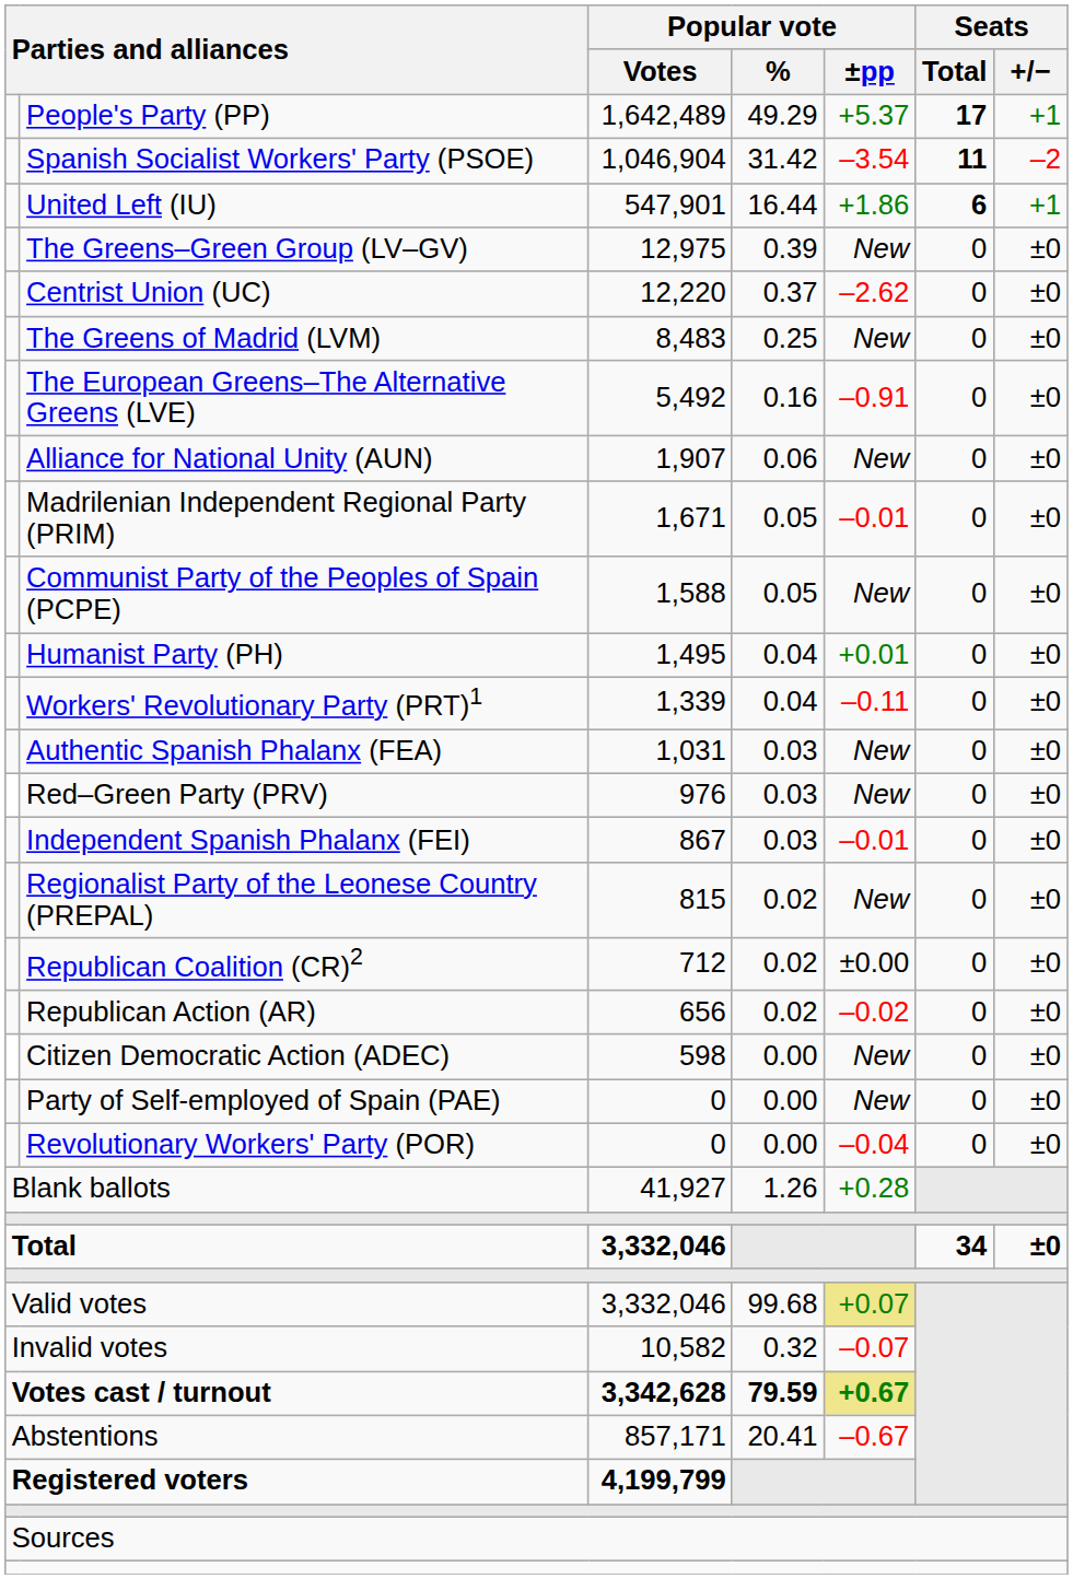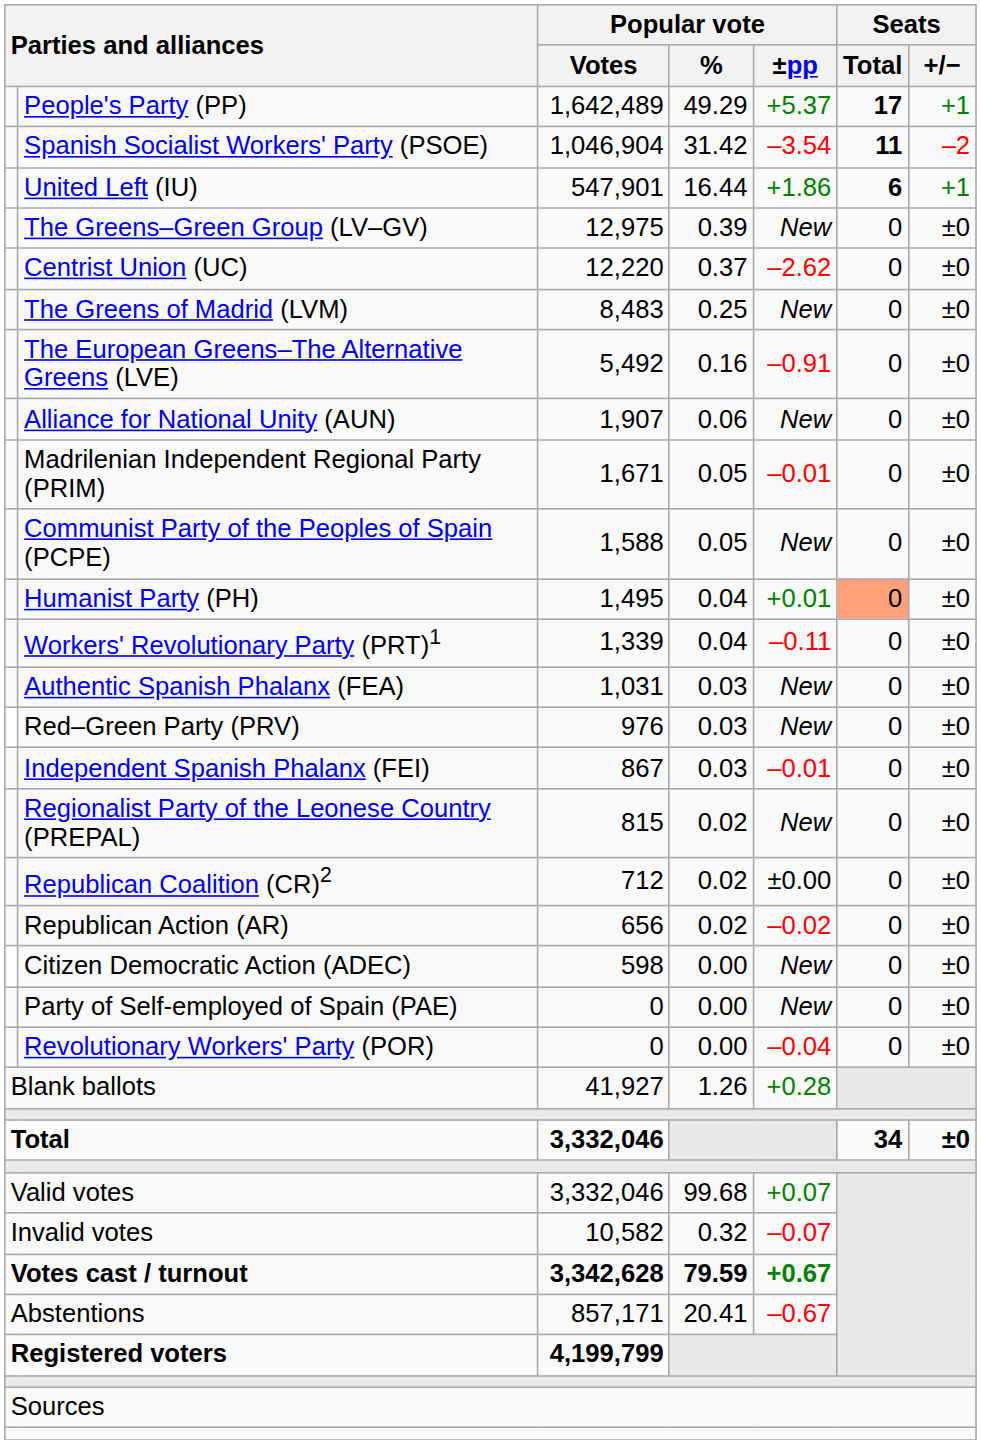 <table class="wikitable" style="text-align:right;">
 <tr>
 <th style="text-align:left;" rowspan="2" colspan="2" width="525">Parties and alliances</th>
 <th colspan="3">Popular vote</th>
 <th colspan="2">Seats</th>
 </tr>
 <tr>
 <th width="75">Votes</th>
 <th width="45">%</th>
 <th width="45">±<a href='#'>pp</a></th>
 <th width="35">Total</th>
 <th width="35">+/−</th>
 </tr>
 <tr>
 <td width="1" style="color:inherit;background:"></td>
 <td align="left"><a href='#'>People's Party</a> (PP)</td>
 <td>1,642,489</td>
 <td>49.29</td>
 <td style="color:green;">+5.37</td>
 <td><strong>17</strong></td>
 <td style="color:green;">+1</td>
 </tr>
 <tr>
 <td style="color:inherit;background:"></td>
 <td align="left"><a href='#'>Spanish Socialist Workers' Party</a> (PSOE)</td>
 <td>1,046,904</td>
 <td>31.42</td>
 <td style="color:red;">–3.54</td>
 <td><strong>11</strong></td>
 <td style="color:red;">–2</td>
 </tr>
 <tr>
 <td style="color:inherit;background:"></td>
 <td align="left"><a href='#'>United Left</a> (IU)</td>
 <td>547,901</td>
 <td>16.44</td>
 <td style="color:green;">+1.86</td>
 <td><strong>6</strong></td>
 <td style="color:green;">+1</td>
 </tr>
 <tr>
 <td style="color:inherit;background:"></td>
 <td align="left"><a href='#'>The Greens–Green Group</a> (LV–GV)</td>
 <td>12,975</td>
 <td>0.39</td>
 <td><em>New</em></td>
 <td>0</td>
 <td>±0</td>
 </tr>
 <tr>
 <td style="color:inherit;background:"></td>
 <td align="left"><a href='#'>Centrist Union</a> (UC)</td>
 <td>12,220</td>
 <td>0.37</td>
 <td style="color:red;">–2.62</td>
 <td>0</td>
 <td>±0</td>
 </tr>
 <tr>
 <td style="color:inherit;background:"></td>
 <td align="left"><a href='#'>The Greens of Madrid</a> (LVM)</td>
 <td>8,483</td>
 <td>0.25</td>
 <td><em>New</em></td>
 <td>0</td>
 <td>±0</td>
 </tr>
 <tr>
 <td style="color:inherit;background:"></td>
 <td align="left"><a href='#'>The European Greens–The Alternative Greens</a> (LVE)</td>
 <td>5,492</td>
 <td>0.16</td>
 <td style="color:red;">–0.91</td>
 <td>0</td>
 <td>±0</td>
 </tr>
 <tr>
 <td style="color:inherit;background:"></td>
 <td align="left"><a href='#'>Alliance for National Unity</a> (AUN)</td>
 <td>1,907</td>
 <td>0.06</td>
 <td><em>New</em></td>
 <td>0</td>
 <td>±0</td>
 </tr>
 <tr>
 <td style="color:inherit;background:"></td>
 <td align="left">Madrilenian Independent Regional Party (PRIM)</td>
 <td>1,671</td>
 <td>0.05</td>
 <td style="color:red;">–0.01</td>
 <td>0</td>
 <td>±0</td>
 </tr>
 <tr>
 <td style="color:inherit;background:"></td>
 <td align="left"><a href='#'>Communist Party of the Peoples of Spain</a> (PCPE)</td>
 <td>1,588</td>
 <td>0.05</td>
 <td><em>New</em></td>
 <td>0</td>
 <td>±0</td>
 </tr>
 <tr>
 <td style="color:inherit;background:"></td>
 <td align="left"><a href='#'>Humanist Party</a> (PH)</td>
 <td>1,495</td>
 <td>0.04</td>
 <td style="color:green;">+0.01</td>
-<td>0</td>
+<td style="background: lightsalmon;">0</td>
 <td>±0</td>
 </tr>
 <tr>
 <td style="color:inherit;background:"></td>
 <td align="left"><a href='#'>Workers' Revolutionary Party</a> (PRT)<sup>1</sup></td>
 <td>1,339</td>
 <td>0.04</td>
 <td style="color:red;">–0.11</td>
 <td>0</td>
 <td>±0</td>
 </tr>
 <tr>
 <td style="color:inherit;background:"></td>
 <td align="left"><a href='#'>Authentic Spanish Phalanx</a> (FEA)</td>
 <td>1,031</td>
 <td>0.03</td>
 <td><em>New</em></td>
 <td>0</td>
 <td>±0</td>
 </tr>
 <tr>
 <td bgcolor="white"></td>
 <td align="left">Red–Green Party (PRV)</td>
 <td>976</td>
 <td>0.03</td>
 <td><em>New</em></td>
 <td>0</td>
 <td>±0</td>
 </tr>
 <tr>
 <td style="color:inherit;background:"></td>
 <td align="left"><a href='#'>Independent Spanish Phalanx</a> (FEI)</td>
 <td>867</td>
 <td>0.03</td>
 <td style="color:red;">–0.01</td>
 <td>0</td>
 <td>±0</td>
 </tr>
 <tr>
 <td style="color:inherit;background:"></td>
 <td align="left"><a href='#'>Regionalist Party of the Leonese Country</a> (PREPAL)</td>
 <td>815</td>
 <td>0.02</td>
 <td><em>New</em></td>
 <td>0</td>
 <td>±0</td>
 </tr>
 <tr>
 <td style="color:inherit;background:"></td>
 <td align="left"><a href='#'>Republican Coalition</a> (CR)<sup>2</sup></td>
 <td>712</td>
 <td>0.02</td>
 <td>±0.00</td>
 <td>0</td>
 <td>±0</td>
 </tr>
 <tr>
 <td style="color:inherit;background:"></td>
 <td align="left">Republican Action (AR)</td>
 <td>656</td>
 <td>0.02</td>
 <td style="color:red;">–0.02</td>
 <td>0</td>
 <td>±0</td>
 </tr>
 <tr>
 <td bgcolor="white"></td>
 <td align="left">Citizen Democratic Action (ADEC)</td>
 <td>598</td>
 <td>0.00</td>
 <td><em>New</em></td>
 <td>0</td>
 <td>±0</td>
 </tr>
 <tr>
 <td style="color:inherit;background:"></td>
 <td align="left">Party of Self-employed of Spain (PAE)</td>
 <td>0</td>
 <td>0.00</td>
 <td><em>New</em></td>
 <td>0</td>
 <td>±0</td>
 </tr>
 <tr>
 <td style="color:inherit;background:"></td>
 <td align="left"><a href='#'>Revolutionary Workers' Party</a> (POR)</td>
 <td>0</td>
 <td>0.00</td>
 <td style="color:red;">–0.04</td>
 <td>0</td>
 <td>±0</td>
 </tr>
 <tr>
 <td align="left" colspan="2">Blank ballots</td>
 <td>41,927</td>
 <td>1.26</td>
 <td style="color:green;">+0.28</td>
 <td bgcolor="#E9E9E9" colspan="2"></td>
 </tr>
 <tr>
 <td colspan="7" bgcolor="#E9E9E9"></td>
 </tr>
 <tr style="font-weight:bold;">
 <td align="left" colspan="2">Total</td>
 <td>3,332,046</td>
 <td bgcolor="#E9E9E9" colspan="2"></td>
 <td>34</td>
 <td>±0</td>
 </tr>
 <tr>
 <td colspan="7" bgcolor="#E9E9E9"></td>
 </tr>
 <tr>
 <td align="left" colspan="2">Valid votes</td>
 <td>3,332,046</td>
 <td>99.68</td>
-<td style="background: khaki; color:green;">+0.07</td>
+<td style="color:green;">+0.07</td>
 <td bgcolor="#E9E9E9" colspan="2" rowspan="5"></td>
 </tr>
 <tr>
 <td align="left" colspan="2">Invalid votes</td>
 <td>10,582</td>
 <td>0.32</td>
 <td style="color:red;">–0.07</td>
 </tr>
 <tr style="font-weight:bold;">
 <td align="left" colspan="2">Votes cast / turnout</td>
 <td>3,342,628</td>
 <td>79.59</td>
-<td style="background: khaki; color:green;">+0.67</td>
+<td style="color:green;">+0.67</td>
 </tr>
 <tr>
 <td align="left" colspan="2">Abstentions</td>
 <td>857,171</td>
 <td>20.41</td>
 <td style="color:red;">–0.67</td>
 </tr>
 <tr style="font-weight:bold;">
 <td align="left" colspan="2">Registered voters</td>
 <td>4,199,799</td>
 <td bgcolor="#E9E9E9" colspan="2"></td>
 </tr>
 <tr>
 <td colspan="7" bgcolor="#E9E9E9"></td>
 </tr>
 <tr>
 <td align="left" colspan="7">Sources</td>
 </tr>
 <tr>
 <td colspan="7" style="text-align:left; max-width:790px;"></td>
 </tr>
 </table>
